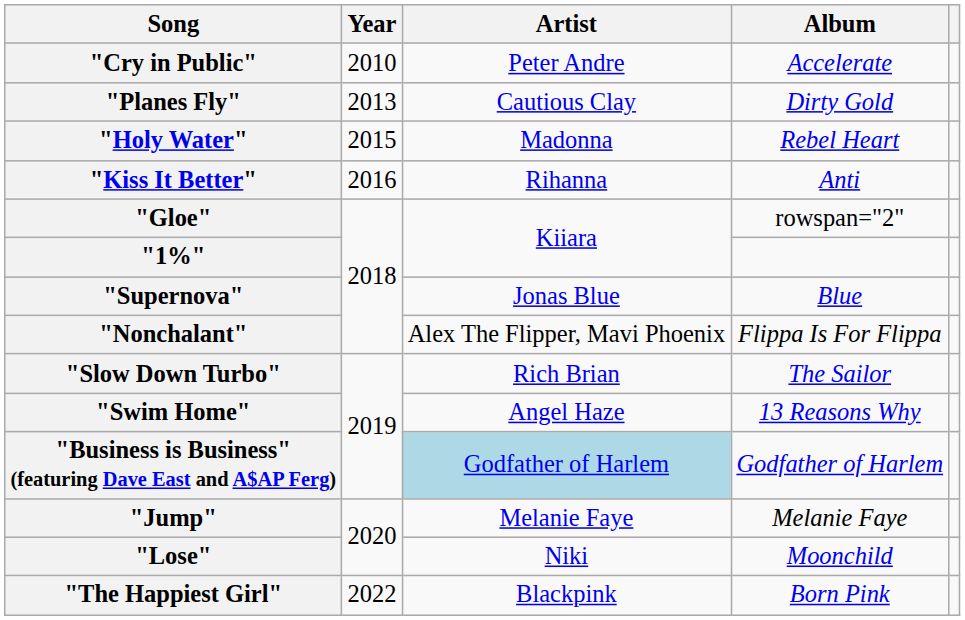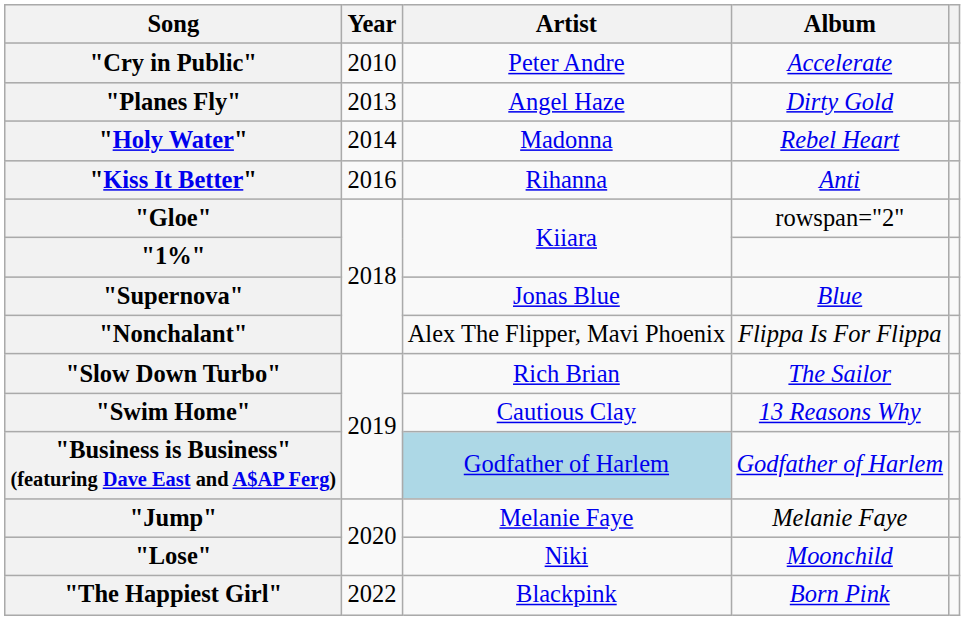 <table class="wikitable sortable plainrowheaders" style="text-align:center;">
 <tr>
 <th scope="col">Song</th>
 <th scope="col">Year</th>
 <th scope="col">Artist</th>
 <th scope="col" data-sort-type="text">Album</th>
 <th scope=col class="unsortable"></th>
 </tr>
 <tr>
 <th scope="row">"Cry in Public"</th>
 <td>2010</td>
 <td><a href='#'>Peter Andre</a></td>
 <td><em><a href='#'>Accelerate</a></em></td>
 <td></td>
 </tr>
 <tr>
 <th scope="row">"Planes Fly"</th>
 <td>2013</td>
-<td><a href='#'>Cautious Clay</a></td>
+<td><a href='#'>Angel Haze</a></td>
 <td><em><a href='#'>Dirty Gold</a></em></td>
 <td></td>
 </tr>
 <tr>
 <th scope="row">"<a href='#'>Holy Water</a>"</th>
-<td>2015</td>
+<td>2014</td>
 <td><a href='#'>Madonna</a></td>
 <td><em><a href='#'>Rebel Heart</a></em></td>
 <td></td>
 </tr>
 <tr>
 <th scope="row">"<a href='#'>Kiss It Better</a>"</th>
 <td>2016</td>
 <td><a href='#'>Rihanna</a></td>
 <td><em><a href='#'>Anti</a></em></td>
 <td></td>
 </tr>
 <tr>
 <th scope="row">"Gloe"</th>
 <td rowspan="4">2018</td>
 <td rowspan="2"><a href='#'>Kiiara</a></td>
 <td>rowspan="2" </td>
 <td></td>
 </tr>
 <tr>
 <th scope="row">"1%"</th>
 <td></td>
 </tr>
 <tr>
 <th scope="row">"Supernova"</th>
 <td><a href='#'>Jonas Blue</a></td>
 <td><em><a href='#'>Blue</a></em></td>
 <td></td>
 </tr>
 <tr>
 <th scope="row">"Nonchalant"</th>
 <td>Alex The Flipper, Mavi Phoenix</td>
 <td><em>Flippa Is For Flippa</em></td>
 <td></td>
 </tr>
 <tr>
 <th scope="row">"Slow Down Turbo"</th>
 <td rowspan="3">2019</td>
 <td><a href='#'>Rich Brian</a></td>
 <td><em><a href='#'>The Sailor</a></em></td>
 <td></td>
 </tr>
 <tr>
 <th scope="row">"Swim Home"</th>
-<td><a href='#'>Angel Haze</a></td>
+<td><a href='#'>Cautious Clay</a></td>
 <td><em><a href='#'>13 Reasons Why</a></em></td>
 <td></td>
 </tr>
 <tr>
 <th scope="row">"Business is Business"<br><small>(featuring <a href='#'>Dave East</a> and <a href='#'>A$AP Ferg</a>)</small></th>
 <td style="background: lightblue;"><a href='#'>Godfather of Harlem</a></td>
 <td><em><a href='#'>Godfather of Harlem</a></em></td>
 <td></td>
 </tr>
 <tr>
 <th scope="row">"Jump"</th>
 <td rowspan="2">2020</td>
 <td><a href='#'>Melanie Faye</a></td>
 <td><em>Melanie Faye</em></td>
 <td></td>
 </tr>
 <tr>
 <th scope="row">"Lose"</th>
 <td><a href='#'>Niki</a></td>
 <td><em><a href='#'>Moonchild</a></em></td>
 <td></td>
 </tr>
 <tr>
 <th scope="row">"The Happiest Girl"</th>
 <td>2022</td>
 <td><a href='#'>Blackpink</a></td>
 <td><em><a href='#'>Born Pink</a></em></td>
 <td></td>
 </tr>
 </table>
